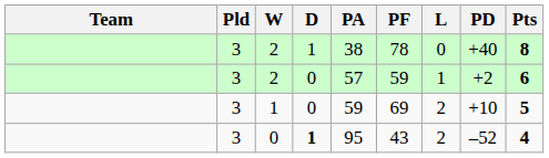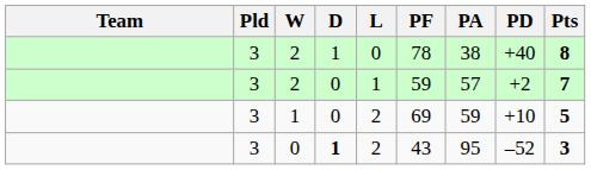 <table class="wikitable" style="text-align:center;">
 <tr>
 <th width=175>Team</th>
 <th width=25 abbr="Played">Pld</th>
 <th width=25 abbr="Won">W</th>
 <th width=25 abbr="Drawn">D</th>
+<th width=25 abbr="Lost">L</th>
+<th width=32 abbr="Points for">PF</th>
 <th width=32 abbr="Points against">PA</th>
-<th width=32 abbr="Points for">PF</th>
-<th width=25 abbr="Lost">L</th>
 <th width=32 abbr="Points difference">PD</th>
 <th width=25 abbr="Points">Pts</th>
 </tr>
 <tr bgcolor=ccffcc>
 <td align=left></td>
 <td>3</td>
 <td>2</td>
 <td>1</td>
+<td>0</td>
+<td>78</td>
 <td>38</td>
-<td>78</td>
-<td>0</td>
 <td>+40</td>
 <td><strong>8</strong></td>
 </tr>
 <tr bgcolor=ccffcc>
 <td align=left></td>
 <td>3</td>
 <td>2</td>
 <td>0</td>
+<td>1</td>
+<td>59</td>
 <td>57</td>
-<td>59</td>
-<td>1</td>
 <td>+2</td>
-<td><strong>6</strong></td>
+<td><strong>7</strong></td>
 </tr>
 <tr>
 <td align=left></td>
 <td>3</td>
 <td>1</td>
 <td>0</td>
+<td>2</td>
+<td>69</td>
 <td>59</td>
-<td>69</td>
-<td>2</td>
 <td>+10</td>
 <td><strong>5</strong></td>
 </tr>
 <tr>
 <td align=left></td>
 <td>3</td>
 <td>0</td>
 <td><strong>1</strong></td>
+<td>2</td>
+<td>43</td>
 <td>95</td>
-<td>43</td>
-<td>2</td>
 <td>–52</td>
-<td><strong>4</strong></td>
+<td><strong>3</strong></td>
 </tr>
 </table>
